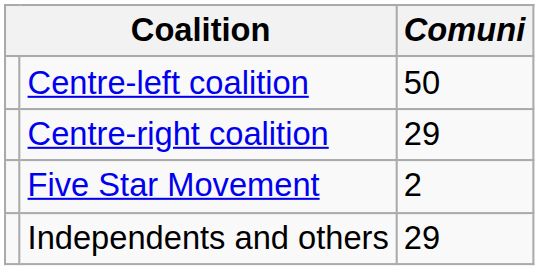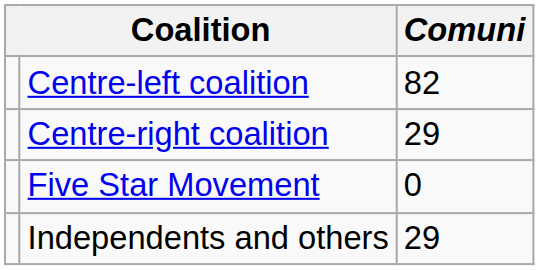 <table class="wikitable">
 <tr>
 <th colspan=2>Coalition</th>
 <th><em>Comuni</em></th>
 </tr>
 <tr>
 <td style="color:inherit;background:"></td>
 <td><a href='#'>Centre-left coalition</a></td>
-<td>50</td>
+<td>82</td>
 </tr>
 <tr>
 <td style="color:inherit;background:"></td>
 <td><a href='#'>Centre-right coalition</a></td>
 <td>29</td>
 </tr>
 <tr>
 <td style="color:inherit;background:"></td>
 <td><a href='#'>Five Star Movement</a></td>
-<td>2</td>
+<td>0</td>
 </tr>
 <tr>
 <td style="color:inherit;background:"></td>
 <td>Independents and others</td>
 <td>29</td>
 </tr>
 </table>
